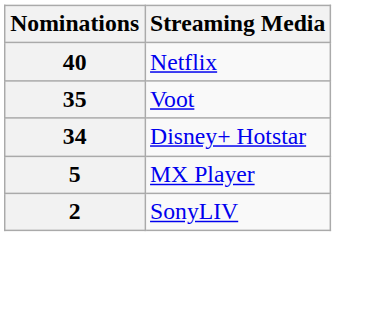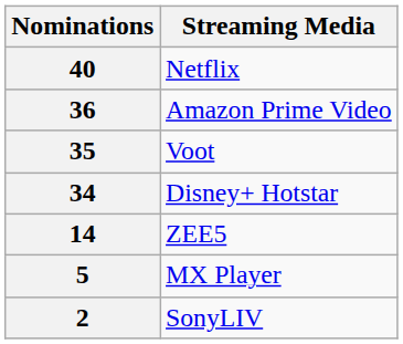 <table class="wikitable" style="display:inline-table;">
 <tr>
 <th>Nominations</th>
 <th>Streaming Media</th>
 </tr>
 <tr>
 <th>40</th>
 <td><a href='#'>Netflix</a></td>
 </tr>
 <tr>
+<th>36</th>
+<td><a href='#'>Amazon Prime Video</a></td>
+</tr>
+<tr>
 <th>35</th>
 <td><a href='#'>Voot</a></td>
 </tr>
 <tr>
 <th>34</th>
 <td><a href='#'>Disney+ Hotstar</a></td>
+</tr>
+<tr>
+<th>14</th>
+<td><a href='#'>ZEE5</a></td>
 </tr>
 <tr>
 <th>5</th>
 <td><a href='#'>MX Player</a></td>
 </tr>
 <tr>
 <th>2</th>
 <td><a href='#'>SonyLIV</a></td>
 </tr>
 </table>
